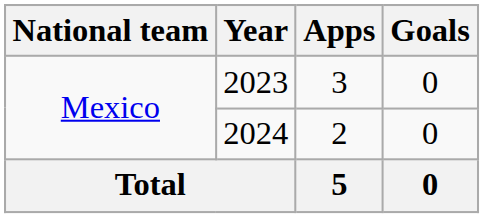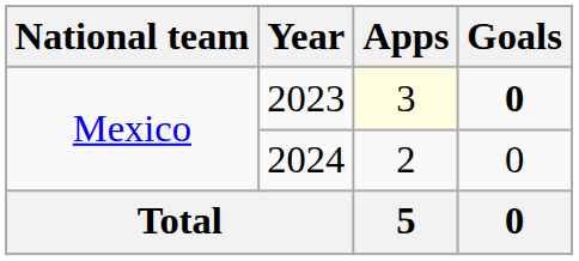 <table class="wikitable" style="text-align:center">
 <tr>
 <th>National team</th>
 <th>Year</th>
 <th>Apps</th>
 <th>Goals</th>
 </tr>
 <tr>
 <td rowspan="2"><a href='#'>Mexico</a></td>
 <td>2023</td>
-<td>3</td>
-<td>0</td>
+<td style="background: lightyellow;">3</td>
+<td><strong>0</strong></td>
 </tr>
 <tr>
 <td>2024</td>
 <td>2</td>
 <td>0</td>
 </tr>
 <tr>
 <th colspan="2">Total</th>
 <th>5</th>
 <th>0</th>
 </tr>
 </table>
